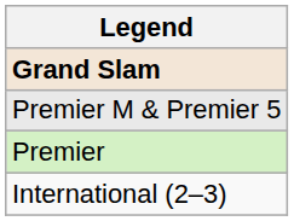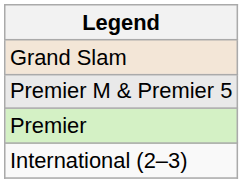 <table class="wikitable" style=font-size:90%>
 <tr>
 <th>Legend</th>
 </tr>
 <tr>
-<td style="background:#f3e6d7;"><strong>Grand Slam</strong></td>
+<td style="background:#f3e6d7;">Grand Slam</td>
 </tr>
 <tr>
 <td style="background:#e9e9e9;">Premier M & Premier 5</td>
 </tr>
 <tr>
 <td style="background:#d4f1c5;">Premier</td>
 </tr>
 <tr>
 <td>International (2–3)</td>
 </tr>
 </table>
